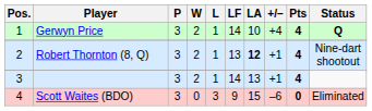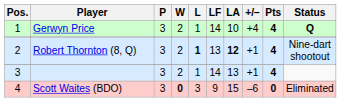 <table class="wikitable" style="text-align:center; margin: 1em auto 1em auto, align:left">
 <tr>
 <th width=20>Pos.</th>
 <th width=185>Player</th>
 <th width=20>P</th>
 <th width=20>W</th>
 <th width=20>L</th>
 <th width=20>LF</th>
 <th width=20>LA</th>
 <th width=25>+/−</th>
 <th width=20>Pts</th>
 <th width=70>Status</th>
 </tr>
 <tr style="background:#CCFFCC;">
 <td>1</td>
 <td align=left> <a href='#'>Gerwyn Price</a></td>
 <td>3</td>
 <td>2</td>
 <td>1</td>
 <td>14</td>
 <td>10</td>
 <td>+4</td>
 <td><strong>4</strong></td>
 <td><strong>Q</strong></td>
 </tr>
 <tr>
 </tr>
 <tr style="background:#D6EBFF;">
 <td>2</td>
 <td align=left> <a href='#'>Robert Thornton</a> (8, Q)</td>
 <td>3</td>
 <td>2</td>
-<td>1</td>
+<td><strong>1</strong></td>
 <td>13</td>
 <td><strong>12</strong></td>
 <td>+1</td>
 <td><strong>4</strong></td>
 <td rowspan=2>Nine-dart shootout</td>
 </tr>
 <tr>
 </tr>
 <tr style="background:#D6EBFF;">
 <td>3</td>
 <td align=left></td>
 <td>3</td>
 <td>2</td>
 <td>1</td>
 <td>14</td>
 <td>13</td>
 <td>+1</td>
 <td><strong>4</strong></td>
 </tr>
 <tr style="background:#FFCCCC;">
 <td>4</td>
 <td align=left> <a href='#'>Scott Waites</a> (BDO)</td>
 <td>3</td>
-<td>0</td>
+<td><strong>0</strong></td>
 <td>3</td>
 <td>9</td>
 <td>15</td>
 <td>–6</td>
 <td><strong>0</strong></td>
 <td>Eliminated</td>
 </tr>
 </table>
